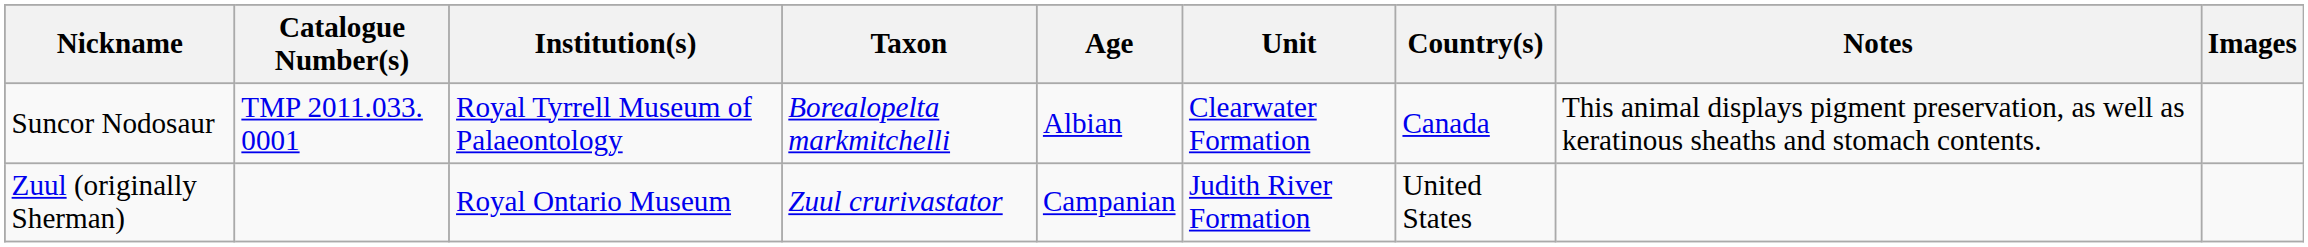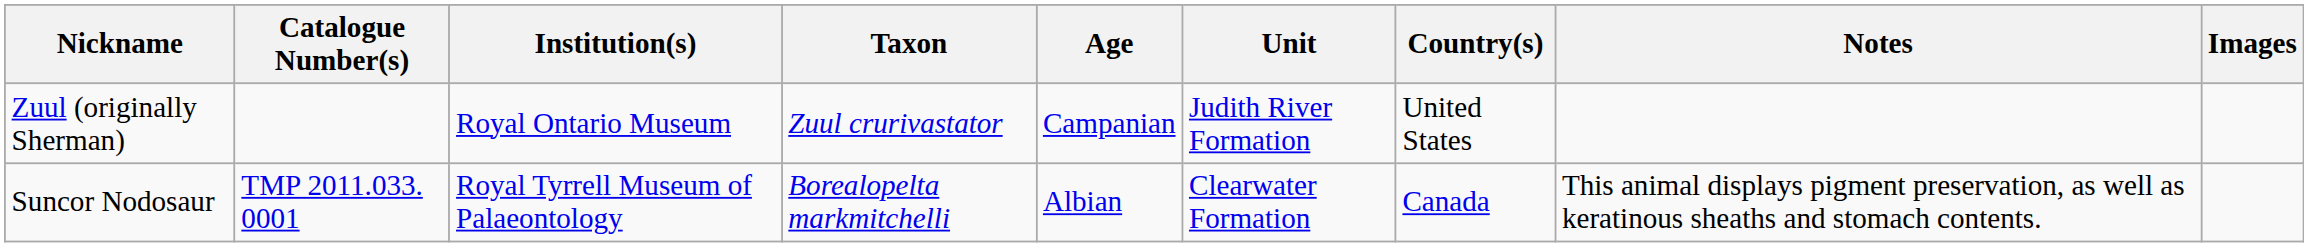 <table class="wikitable sortable" align="center" width="100%">
 <tr>
 <th>Nickname</th>
 <th>Catalogue Number(s)</th>
 <th>Institution(s)</th>
 <th>Taxon</th>
 <th>Age</th>
 <th>Unit</th>
 <th>Country(s)</th>
 <th>Notes</th>
 <th>Images</th>
 </tr>
 <tr>
+<td><a href='#'>Zuul</a> (originally Sherman)</td>
+<td></td>
+<td><a href='#'>Royal Ontario Museum</a></td>
+<td><em><a href='#'>Zuul crurivastator</a></em></td>
+<td><a href='#'>Campanian</a></td>
+<td><a href='#'>Judith River Formation</a></td>
+<td>United States</td>
+<td></td>
+<td></td>
+</tr>
+<tr>
 <td>Suncor Nodosaur</td>
 <td><a href='#'>TMP 2011.033. 0001</a><br>     </td>
 <td><a href='#'>Royal Tyrrell Museum of Palaeontology</a></td>
 <td><em><a href='#'>Borealopelta markmitchelli</a></em></td>
 <td><a href='#'>Albian</a></td>
 <td><a href='#'>Clearwater Formation</a></td>
 <td><a href='#'>Canada</a></td>
 <td>This animal displays pigment preservation, as well as keratinous sheaths and stomach contents.</td>
 <td></td>
 </tr>
-<tr>
-<td><a href='#'>Zuul</a> (originally Sherman)</td>
-<td></td>
-<td><a href='#'>Royal Ontario Museum</a></td>
-<td><em><a href='#'>Zuul crurivastator</a></em></td>
-<td><a href='#'>Campanian</a></td>
-<td><a href='#'>Judith River Formation</a></td>
-<td>United States</td>
-<td></td>
-<td></td>
-</tr>
 </table>
